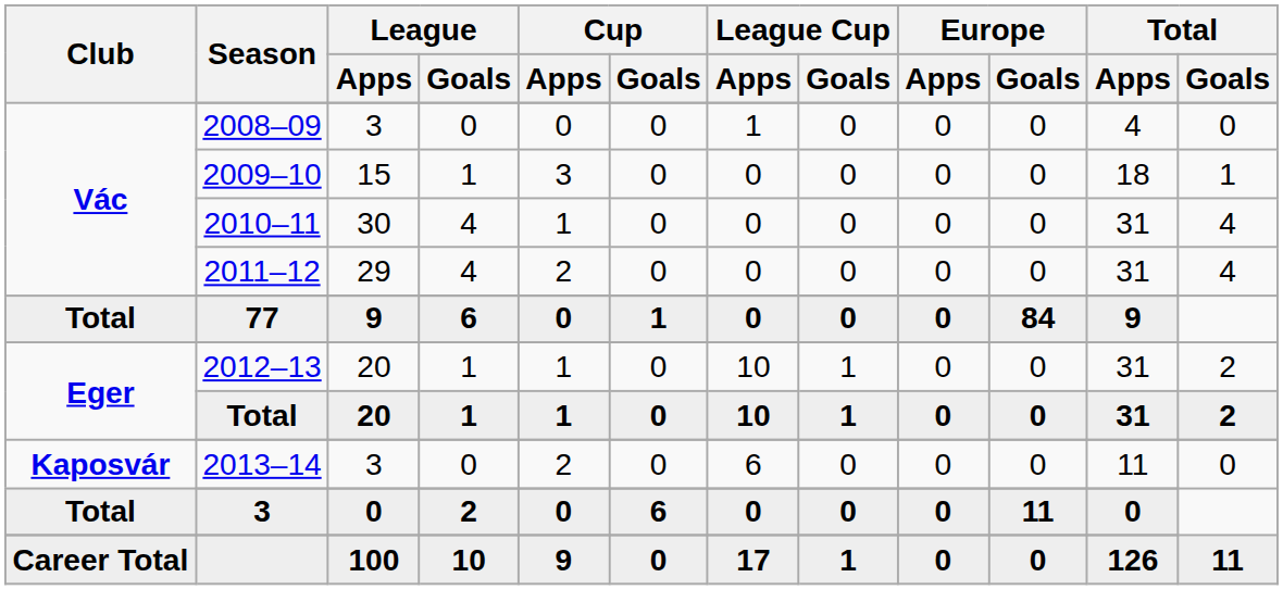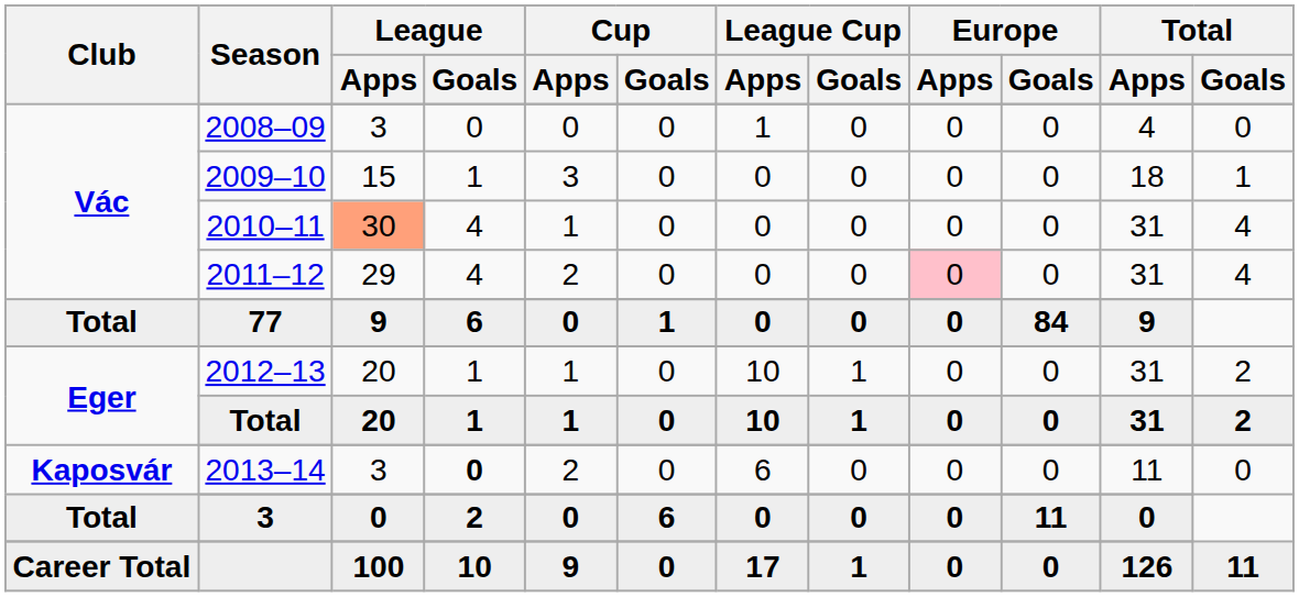 <table class="wikitable" style="font-size:90%; text-align: center;">
 <tr>
 <th rowspan="2">Club</th>
 <th rowspan="2">Season</th>
 <th colspan="2">League</th>
 <th colspan="2">Cup</th>
 <th colspan="2">League Cup</th>
 <th colspan="2">Europe</th>
 <th colspan="2">Total</th>
 </tr>
 <tr>
 <th>Apps</th>
 <th>Goals</th>
 <th>Apps</th>
 <th>Goals</th>
 <th>Apps</th>
 <th>Goals</th>
 <th>Apps</th>
 <th>Goals</th>
 <th>Apps</th>
 <th>Goals</th>
 </tr>
 <tr ||-||-||-|->
 <td rowspan="6" valign="center"><strong><a href='#'>Vác</a></strong></td>
 </tr>
 <tr>
 <td><a href='#'>2008–09</a></td>
 <td>3</td>
 <td>0</td>
 <td>0</td>
 <td>0</td>
 <td>1</td>
 <td>0</td>
 <td>0</td>
 <td>0</td>
 <td>4</td>
 <td>0</td>
 </tr>
 <tr>
 <td><a href='#'>2009–10</a></td>
 <td>15</td>
 <td>1</td>
 <td>3</td>
 <td>0</td>
 <td>0</td>
 <td>0</td>
 <td>0</td>
 <td>0</td>
 <td>18</td>
 <td>1</td>
 </tr>
 <tr>
 <td><a href='#'>2010–11</a></td>
-<td>30</td>
+<td style="background: lightsalmon;">30</td>
 <td>4</td>
 <td>1</td>
 <td>0</td>
 <td>0</td>
 <td>0</td>
 <td>0</td>
 <td>0</td>
 <td>31</td>
 <td>4</td>
 </tr>
 <tr>
 <td><a href='#'>2011–12</a></td>
 <td>29</td>
 <td>4</td>
 <td>2</td>
 <td>0</td>
 <td>0</td>
 <td>0</td>
-<td>0</td>
+<td style="background: pink;">0</td>
 <td>0</td>
 <td>31</td>
 <td>4</td>
 </tr>
 <tr>
 </tr>
 <tr style="font-weight:bold; background-color:#eeeeee;">
 <td>Total</td>
 <td>77</td>
 <td>9</td>
 <td>6</td>
 <td>0</td>
 <td>1</td>
 <td>0</td>
 <td>0</td>
 <td>0</td>
 <td>84</td>
 <td>9</td>
 </tr>
 <tr>
 <td rowspan="3" valign="center"><strong><a href='#'>Eger</a></strong></td>
 </tr>
 <tr>
 <td><a href='#'>2012–13</a></td>
 <td>20</td>
 <td>1</td>
 <td>1</td>
 <td>0</td>
 <td>10</td>
 <td>1</td>
 <td>0</td>
 <td>0</td>
 <td>31</td>
 <td>2</td>
 </tr>
 <tr style="font-weight:bold; background-color:#eeeeee;">
 <td>Total</td>
 <td>20</td>
 <td>1</td>
 <td>1</td>
 <td>0</td>
 <td>10</td>
 <td>1</td>
 <td>0</td>
 <td>0</td>
 <td>31</td>
 <td>2</td>
 </tr>
 <tr>
 <td rowspan="3" valign="center"><strong><a href='#'>Kaposvár</a></strong></td>
 </tr>
 <tr>
 <td><a href='#'>2013–14</a></td>
 <td>3</td>
-<td>0</td>
+<td><strong>0</strong></td>
 <td>2</td>
 <td>0</td>
 <td>6</td>
 <td>0</td>
 <td>0</td>
 <td>0</td>
 <td>11</td>
 <td>0</td>
 </tr>
 <tr>
 </tr>
 <tr style="font-weight:bold; background-color:#eeeeee;">
 <td>Total</td>
 <td>3</td>
 <td>0</td>
 <td>2</td>
 <td>0</td>
 <td>6</td>
 <td>0</td>
 <td>0</td>
 <td>0</td>
 <td>11</td>
 <td>0</td>
 </tr>
 <tr>
 </tr>
 <tr style="font-weight:bold; background-color:#eeeeee;">
 <td rowspan="2" valign="top"><strong>Career Total</strong></td>
 <td></td>
 <td><strong>100</strong></td>
 <td><strong>10</strong></td>
 <td><strong>9</strong></td>
 <td><strong>0</strong></td>
 <td><strong>17</strong></td>
 <td><strong>1</strong></td>
 <td><strong>0</strong></td>
 <td><strong>0</strong></td>
 <td><strong>126</strong></td>
 <td><strong>11</strong></td>
 </tr>
 </table>
